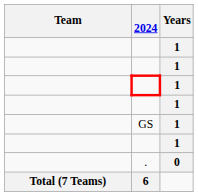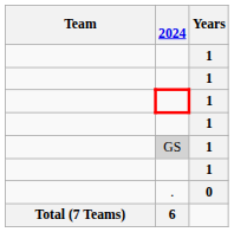 <table class="wikitable" style="text-align:center; font-size:90%">
 <tr>
 <th width=150>Team</th>
 <th><br><a href='#'>2024</a></th>
 <th>Years</th>
 </tr>
 <tr>
 <td align=left></td>
 <td></td>
 <th>1</th>
 </tr>
 <tr>
 <td align=left></td>
 <td></td>
 <th>1</th>
 </tr>
 <tr>
 <td align=left></td>
 <td style="border: 3px solid red"></td>
 <th>1</th>
 </tr>
 <tr>
 <td align=left></td>
 <td></td>
 <th>1</th>
 </tr>
 <tr>
 <td align=left></td>
-<td>GS</td>
+<td style="background: lightgrey;">GS</td>
 <th>1</th>
 </tr>
 <tr>
 <td align=left></td>
 <td></td>
 <th>1</th>
 </tr>
 <tr>
 <td align=left></td>
 <td>.</td>
 <th>0</th>
 </tr>
 <tr>
 <th>Total (7 Teams)</th>
 <th>6</th>
 </tr>
 </table>
